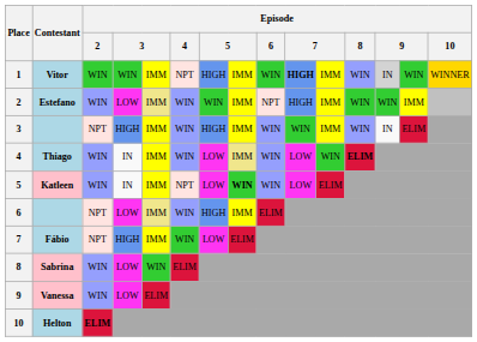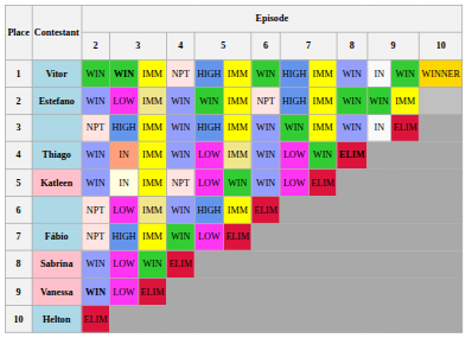 <table class="wikitable" style="text-align: center; font-size: 8pt; line-height:25px; width: 75%">
 <tr>
 <th rowspan=02 width=15>Place</th>
 <th rowspan=02 width=15>Contestant</th>
 <th colspan="13">Episode</th>
 </tr>
 <tr>
 <th>2</th>
 <th colspan=2>3</th>
 <th>4</th>
 <th colspan=2>5</th>
 <th>6</th>
 <th colspan=2>7</th>
 <th>8</th>
 <th colspan=2>9</th>
 <th>10</th>
 </tr>
 <tr>
 <th width=10>1</th>
 <td width=45 bgcolor=ADD8E6><strong>Vitor</strong></td>
 <td width=25 bgcolor=32CD32>WIN</td>
-<td width=25 bgcolor=32CD32>WIN</td>
+<td width=25 bgcolor=32CD32><strong>WIN</strong></td>
 <td width=25 bgcolor=FFFF00>IMM</td>
 <td width=25 bgcolor=FFE4E1>NPT</td>
 <td width=25 bgcolor=6495ED>HIGH</td>
 <td width=25 bgcolor=FFFF00>IMM</td>
 <td width=25 bgcolor=32CD32>WIN</td>
-<td width=25 bgcolor=6495ED><strong>HIGH</strong></td>
+<td width=25 bgcolor=6495ED>HIGH</td>
 <td width=25 bgcolor=FFFF00>IMM</td>
 <td width=25 bgcolor=959FFD>WIN</td>
-<td width=25 style="background: lightgrey;">IN</td>
+<td width=25>IN</td>
 <td width=25 bgcolor=32CD32>WIN</td>
 <td width=50 bgcolor=FFD700>WINNER</td>
 </tr>
 <tr>
 <th>2</th>
 <td bgcolor=ADD8E6><strong>Estefano</strong></td>
 <td bgcolor=959FFD>WIN</td>
 <td bgcolor=FF35F3>LOW</td>
 <td bgcolor=F0E68C>IMM</td>
 <td bgcolor=959FFD>WIN</td>
 <td bgcolor=32CD32>WIN</td>
 <td bgcolor=FFFF00>IMM</td>
 <td bgcolor=FFE4E1>NPT</td>
 <td bgcolor=6495ED>HIGH</td>
 <td bgcolor=FFFF00>IMM</td>
 <td bgcolor=32CD32>WIN</td>
 <td bgcolor=32CD32>WIN</td>
 <td bgcolor=FFFF00>IMM</td>
 <td bgcolor=C0C0C0></td>
 </tr>
 <tr>
 <th>3</th>
 <td bgcolor=ADD8E6><strong></strong></td>
 <td bgcolor=FFE4E1>NPT</td>
 <td bgcolor=6495ED>HIGH</td>
 <td bgcolor=FFFF00>IMM</td>
 <td bgcolor=959FFD>WIN</td>
 <td bgcolor=6495ED>HIGH</td>
 <td bgcolor=FFFF00>IMM</td>
 <td bgcolor=959FFD>WIN</td>
 <td bgcolor=32CD32>WIN</td>
 <td bgcolor=FFFF00>IMM</td>
 <td bgcolor=959FFD>WIN</td>
 <td>IN</td>
 <td bgcolor=DC143C>ELIM</td>
 <td bgcolor="A9A9A9"></td>
 </tr>
 <tr>
 <th>4</th>
 <td bgcolor=ADD8E6><strong>Thiago</strong></td>
 <td bgcolor=959FFD>WIN</td>
-<td>IN</td>
+<td style="background: lightsalmon;">IN</td>
 <td bgcolor=FFFF00>IMM</td>
 <td bgcolor=959FFD>WIN</td>
 <td bgcolor=FF35F3>LOW</td>
 <td bgcolor=F0E68C>IMM</td>
 <td bgcolor=959FFD>WIN</td>
 <td bgcolor=FF35F3>LOW</td>
 <td bgcolor=32CD32>WIN</td>
 <td bgcolor=DC143C><strong>ELIM</strong></td>
 <td bgcolor=A9A9A9 colspan=3></td>
 </tr>
 <tr>
 <th>5</th>
 <td bgcolor=FFC0CB><strong>Katleen</strong></td>
 <td bgcolor=959FFD>WIN</td>
-<td>IN</td>
+<td style="background: lightyellow;">IN</td>
 <td bgcolor=FFFF00>IMM</td>
 <td bgcolor=FFE4E1>NPT</td>
 <td bgcolor=FF35F3>LOW</td>
-<td bgcolor=32CD32><strong>WIN</strong></td>
+<td bgcolor=32CD32>WIN</td>
 <td bgcolor=959FFD>WIN</td>
 <td bgcolor=FF35F3>LOW</td>
 <td bgcolor=DC143C>ELIM</td>
 <td colspan="4" bgcolor="A9A9A9"></td>
 </tr>
 <tr>
 <th>6</th>
 <td bgcolor=ADD8E6><strong></strong></td>
 <td bgcolor=FFE4E1>NPT</td>
 <td bgcolor=FF35F3>LOW</td>
 <td bgcolor=F0E68C>IMM</td>
 <td bgcolor=959FFD>WIN</td>
 <td bgcolor=6495ED>HIGH</td>
 <td bgcolor=FFFF00>IMM</td>
 <td bgcolor=DC143C>ELIM</td>
 <td colspan="6" bgcolor="A9A9A9"></td>
 </tr>
 <tr>
 <th>7</th>
 <td bgcolor=ADD8E6><strong>Fábio</strong></td>
 <td bgcolor=FFE4E1>NPT</td>
 <td bgcolor=6495ED>HIGH</td>
 <td bgcolor=FFFF00>IMM</td>
 <td bgcolor=32CD32>WIN</td>
 <td bgcolor=FF35F3>LOW</td>
 <td bgcolor=DC143C>ELIM</td>
 <td colspan="7" bgcolor="A9A9A9"></td>
 </tr>
 <tr>
 <th>8</th>
 <td bgcolor=FFC0CB><strong>Sabrina</strong></td>
 <td bgcolor=959FFD>WIN</td>
 <td bgcolor=FF35F3>LOW</td>
 <td bgcolor=32CD32>WIN</td>
 <td bgcolor=DC143C>ELIM</td>
 <td colspan="9" bgcolor="A9A9A9"></td>
 </tr>
 <tr>
 <th>9</th>
 <td bgcolor=FFC0CB><strong>Vanessa</strong></td>
-<td bgcolor=959FFD>WIN</td>
+<td bgcolor=959FFD><strong>WIN</strong></td>
 <td bgcolor=FF35F3>LOW</td>
 <td bgcolor=DC143C>ELIM</td>
 <td colspan="10" bgcolor="A9A9A9"></td>
 </tr>
 <tr>
 <th>10</th>
 <td bgcolor=ADD8E6><strong>Helton</strong></td>
-<td bgcolor=DC143C><strong>ELIM</strong></td>
+<td bgcolor=DC143C>ELIM</td>
 <td colspan="12" bgcolor="A9A9A9"></td>
 </tr>
 </table>
